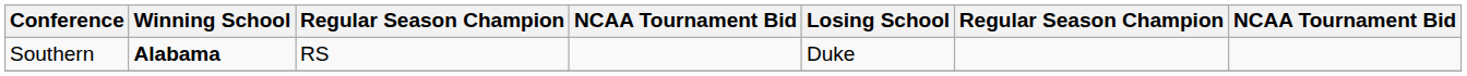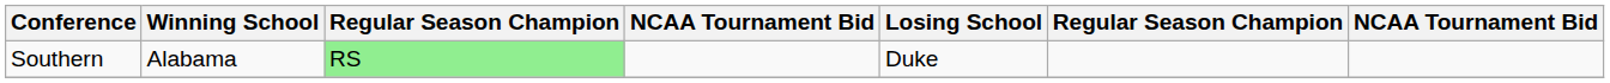 <table class="wikitable">
 <tr>
 <th>Conference</th>
 <th>Winning School</th>
 <th>Regular Season Champion</th>
 <th>NCAA Tournament Bid</th>
 <th>Losing School</th>
 <th>Regular Season Champion</th>
 <th>NCAA Tournament Bid</th>
 </tr>
 <tr>
 <td>Southern</td>
-<td><strong>Alabama</strong></td>
-<td>RS</td>
+<td>Alabama</td>
+<td style="background: lightgreen;">RS</td>
 <td></td>
 <td>Duke</td>
 <td></td>
 <td></td>
 </tr>
 <tr>
 </tr>
 </table>
